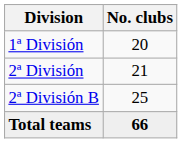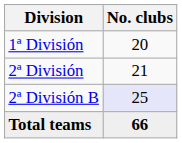 <table class="wikitable">
 <tr>
 <th>Division</th>
 <th>No. clubs</th>
 </tr>
 <tr>
 <td><a href='#'>1ª División</a></td>
 <td align=center>20</td>
 </tr>
 <tr>
 <td><a href='#'>2ª División</a></td>
 <td align=center>21</td>
 </tr>
 <tr>
 <td><a href='#'>2ª División B</a></td>
-<td align=center>25</td>
+<td align=center style="background: lavender;">25</td>
 </tr>
 <tr style="background:#efefef; font-weight:bold;">
 <td>Total teams</td>
 <td align=center>66</td>
 </tr>
 </table>
